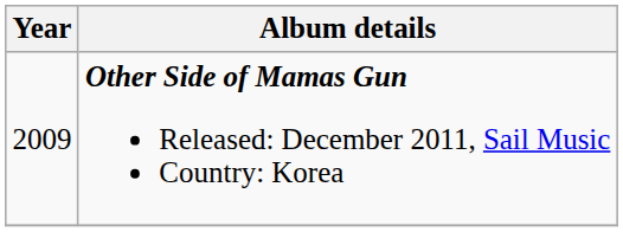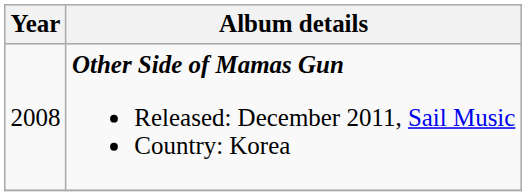 <table class="wikitable" style="text-align:center">
 <tr>
 <th rowspan="1">Year</th>
 <th rowspan="1">Album details</th>
 </tr>
 <tr>
-<td>2009</td>
+<td>2008</td>
 <td align="left"><strong><em>Other Side of Mamas Gun</em></strong><br><ul><li>Released: December 2011, <a href='#'>Sail Music</a></li><li>Country: Korea</li></ul></td>
 </tr>
 <tr>
 </tr>
 </table>
